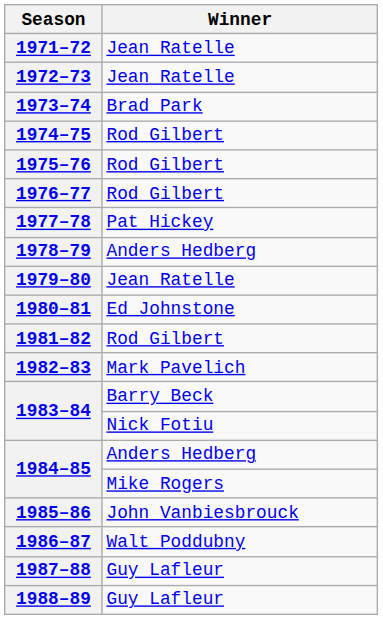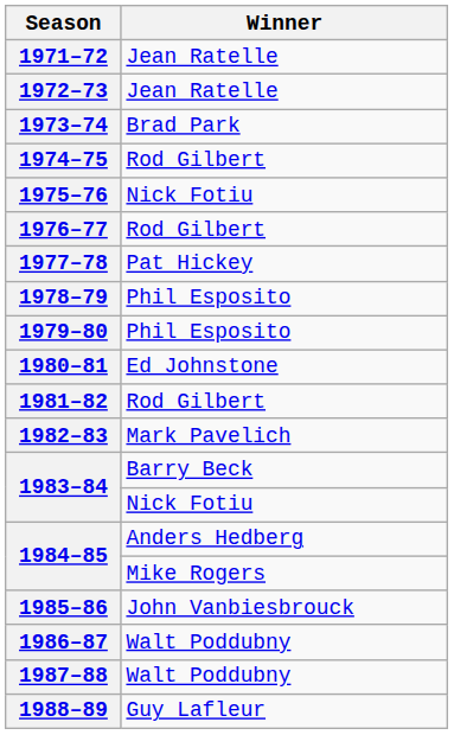 <table class="wikitable">
 <tr>
 <th scope="col" style="width:5em">Season</th>
 <th scope="col" style="width:15em">Winner</th>
 </tr>
 <tr>
 <th scope="row"><a href='#'>1971–72</a></th>
 <td><a href='#'>Jean Ratelle</a></td>
 </tr>
 <tr>
 <th scope="row"><a href='#'>1972–73</a></th>
 <td><a href='#'>Jean Ratelle</a></td>
 </tr>
 <tr>
 <th scope="row"><a href='#'>1973–74</a></th>
 <td><a href='#'>Brad Park</a></td>
 </tr>
 <tr>
 <th scope="row"><a href='#'>1974–75</a></th>
 <td><a href='#'>Rod Gilbert</a></td>
 </tr>
 <tr>
 <th scope="row"><a href='#'>1975–76</a></th>
-<td><a href='#'>Rod Gilbert</a></td>
+<td><a href='#'>Nick Fotiu</a></td>
 </tr>
 <tr>
 <th scope="row"><a href='#'>1976–77</a></th>
 <td><a href='#'>Rod Gilbert</a></td>
 </tr>
 <tr>
 <th scope="row"><a href='#'>1977–78</a></th>
 <td><a href='#'>Pat Hickey</a></td>
 </tr>
 <tr>
 <th scope="row"><a href='#'>1978–79</a></th>
-<td><a href='#'>Anders Hedberg</a></td>
+<td><a href='#'>Phil Esposito</a></td>
 </tr>
 <tr>
 <th scope="row"><a href='#'>1979–80</a></th>
-<td><a href='#'>Jean Ratelle</a></td>
+<td><a href='#'>Phil Esposito</a></td>
 </tr>
 <tr>
 <th scope="row"><a href='#'>1980–81</a></th>
 <td><a href='#'>Ed Johnstone</a></td>
 </tr>
 <tr>
 <th scope="row"><a href='#'>1981–82</a></th>
 <td><a href='#'>Rod Gilbert</a></td>
 </tr>
 <tr>
 <th scope="row"><a href='#'>1982–83</a></th>
 <td><a href='#'>Mark Pavelich</a></td>
 </tr>
 <tr>
 <th scope="row" rowspan="2"><a href='#'>1983–84</a></th>
 <td><a href='#'>Barry Beck</a></td>
 </tr>
 <tr>
 <td><a href='#'>Nick Fotiu</a></td>
 </tr>
 <tr>
 <th scope="row" rowspan="2"><a href='#'>1984–85</a></th>
 <td><a href='#'>Anders Hedberg</a></td>
 </tr>
 <tr>
 <td><a href='#'>Mike Rogers</a></td>
 </tr>
 <tr>
 <th scope="row"><a href='#'>1985–86</a></th>
 <td><a href='#'>John Vanbiesbrouck</a></td>
 </tr>
 <tr>
 <th scope="row"><a href='#'>1986–87</a></th>
 <td><a href='#'>Walt Poddubny</a></td>
 </tr>
 <tr>
 <th scope="row"><a href='#'>1987–88</a></th>
-<td><a href='#'>Guy Lafleur</a></td>
+<td><a href='#'>Walt Poddubny</a></td>
 </tr>
 <tr>
 <th scope="row"><a href='#'>1988–89</a></th>
 <td><a href='#'>Guy Lafleur</a></td>
 </tr>
 </table>
